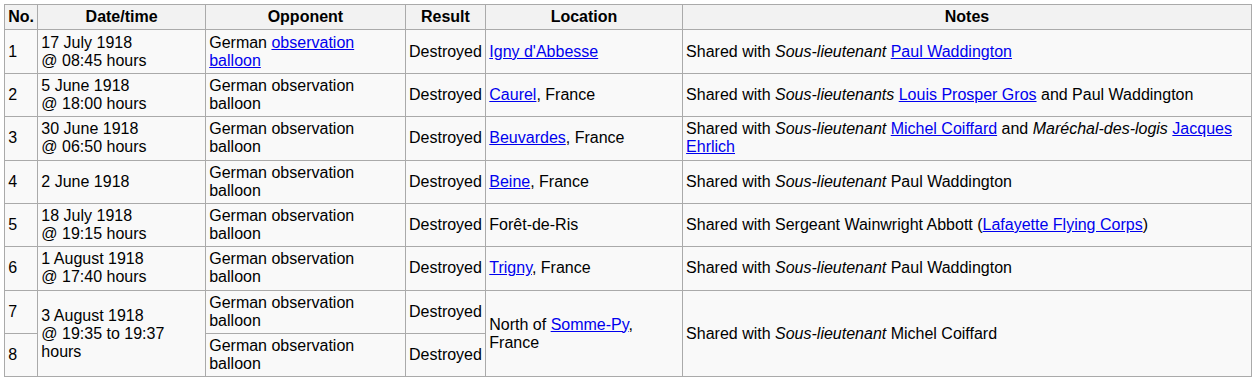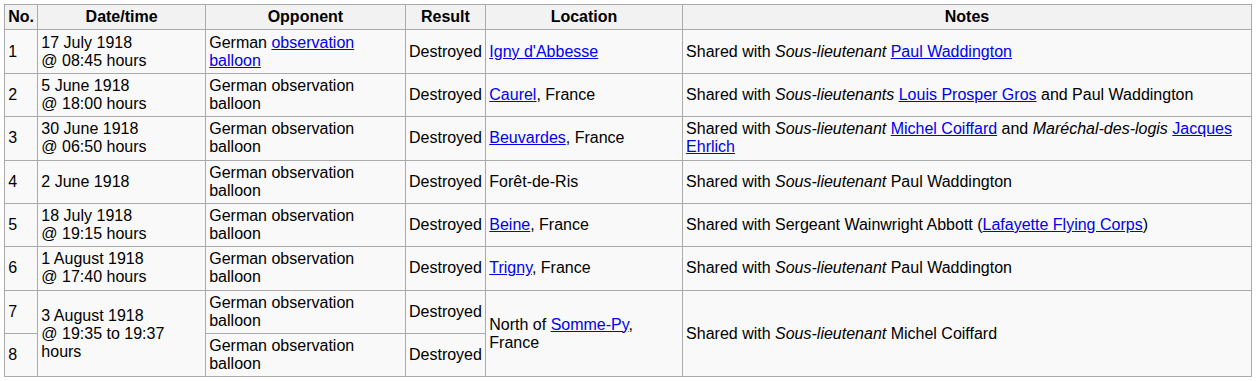 <table class="wikitable">
 <tr>
 </tr>
 <tr>
 <th>No.</th>
 <th>Date/time</th>
 <th>Opponent</th>
 <th>Result</th>
 <th>Location</th>
 <th>Notes</th>
 </tr>
 <tr>
 <td>1</td>
 <td>17 July 1918<br>@ 08:45 hours</td>
 <td>German <a href='#'>observation balloon</a></td>
 <td>Destroyed</td>
 <td><a href='#'>Igny d'Abbesse</a></td>
 <td>Shared with <em>Sous-lieutenant</em> <a href='#'>Paul Waddington</a></td>
 </tr>
 <tr>
 <td>2</td>
 <td>5 June 1918<br>@ 18:00 hours</td>
 <td>German observation balloon</td>
 <td>Destroyed</td>
 <td><a href='#'>Caurel</a>, France</td>
 <td>Shared with <em>Sous-lieutenants</em> <a href='#'>Louis Prosper Gros</a> and Paul Waddington</td>
 </tr>
 <tr>
 <td>3</td>
 <td>30 June 1918<br>@ 06:50 hours</td>
 <td>German observation balloon</td>
 <td>Destroyed</td>
 <td><a href='#'>Beuvardes</a>, France</td>
 <td>Shared with <em>Sous-lieutenant</em> <a href='#'>Michel Coiffard</a> and <em>Maréchal-des-logis</em> <a href='#'>Jacques Ehrlich</a></td>
 </tr>
 <tr>
 <td>4</td>
 <td>2 June 1918</td>
 <td>German observation balloon</td>
 <td>Destroyed</td>
-<td><a href='#'>Beine</a>, France</td>
+<td>Forêt-de-Ris</td>
 <td>Shared with <em>Sous-lieutenant</em> Paul Waddington</td>
 </tr>
 <tr>
 <td>5</td>
 <td>18 July 1918<br>@ 19:15 hours</td>
 <td>German observation balloon</td>
 <td>Destroyed</td>
-<td>Forêt-de-Ris</td>
+<td><a href='#'>Beine</a>, France</td>
 <td>Shared with Sergeant Wainwright Abbott (<a href='#'>Lafayette Flying Corps</a>)</td>
 </tr>
 <tr>
 <td>6</td>
 <td>1 August 1918<br>@ 17:40 hours</td>
 <td>German observation balloon</td>
 <td>Destroyed</td>
 <td><a href='#'>Trigny</a>, France</td>
 <td>Shared with <em>Sous-lieutenant</em> Paul Waddington</td>
 </tr>
 <tr>
 <td>7</td>
 <td rowspan="2">3 August 1918<br>@ 19:35 to 19:37 hours</td>
 <td>German observation balloon</td>
 <td>Destroyed</td>
 <td rowspan="2">North of <a href='#'>Somme-Py</a>, France</td>
 <td rowspan="2">Shared with <em>Sous-lieutenant</em> Michel Coiffard</td>
 </tr>
 <tr>
 <td>8</td>
 <td>German observation balloon</td>
 <td>Destroyed</td>
 </tr>
 <tr>
 </tr>
 </table>
